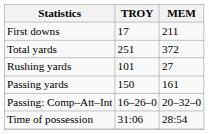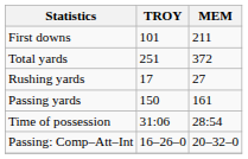 <table class="wikitable" style="float: left;">
 <tr>
 <th>Statistics</th>
 <th>TROY</th>
 <th>MEM</th>
 </tr>
 <tr>
 <td>First downs</td>
-<td>17</td>
+<td>101</td>
 <td>211</td>
 </tr>
 <tr>
 <td>Total yards</td>
 <td>251</td>
 <td>372</td>
 </tr>
 <tr>
 <td>Rushing yards</td>
-<td>101</td>
+<td>17</td>
 <td>27</td>
 </tr>
 <tr>
 <td>Passing yards</td>
 <td>150</td>
 <td>161</td>
 </tr>
 <tr>
+<td>Time of possession</td>
+<td>31:06</td>
+<td>28:54</td>
+</tr>
+<tr>
 <td>Passing: Comp–Att–Int</td>
 <td>16–26–0</td>
 <td>20–32–0</td>
 </tr>
 <tr>
-<td>Time of possession</td>
-<td>31:06</td>
-<td>28:54</td>
-</tr>
-<tr>
 </tr>
 </table>
